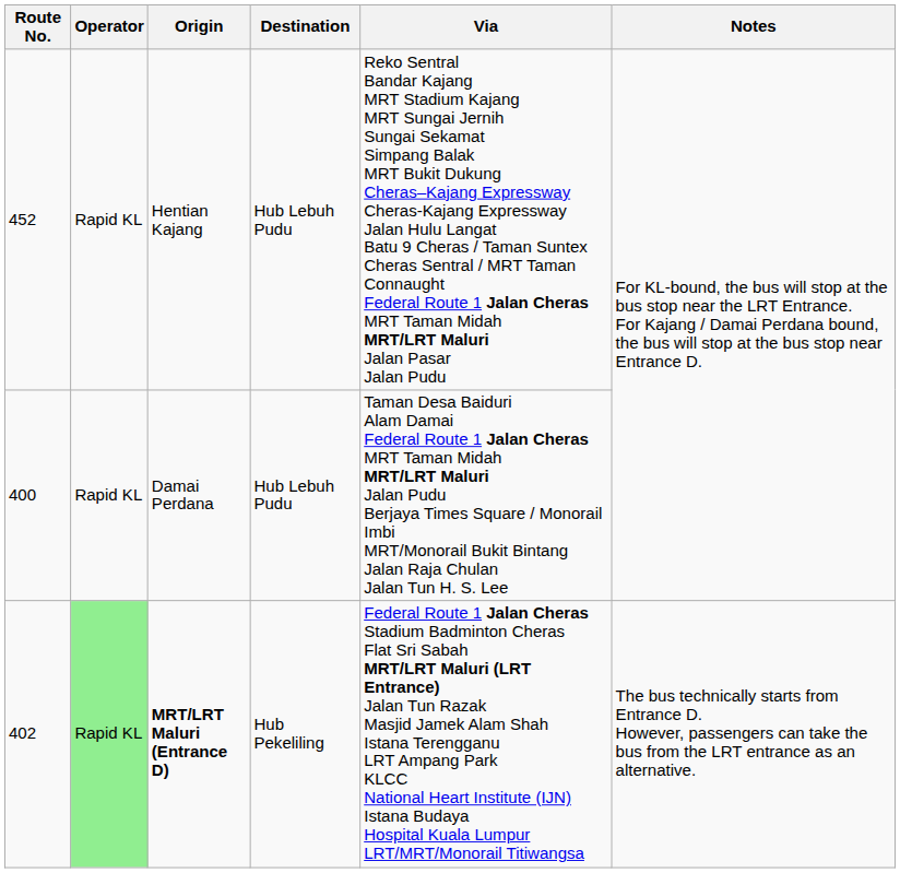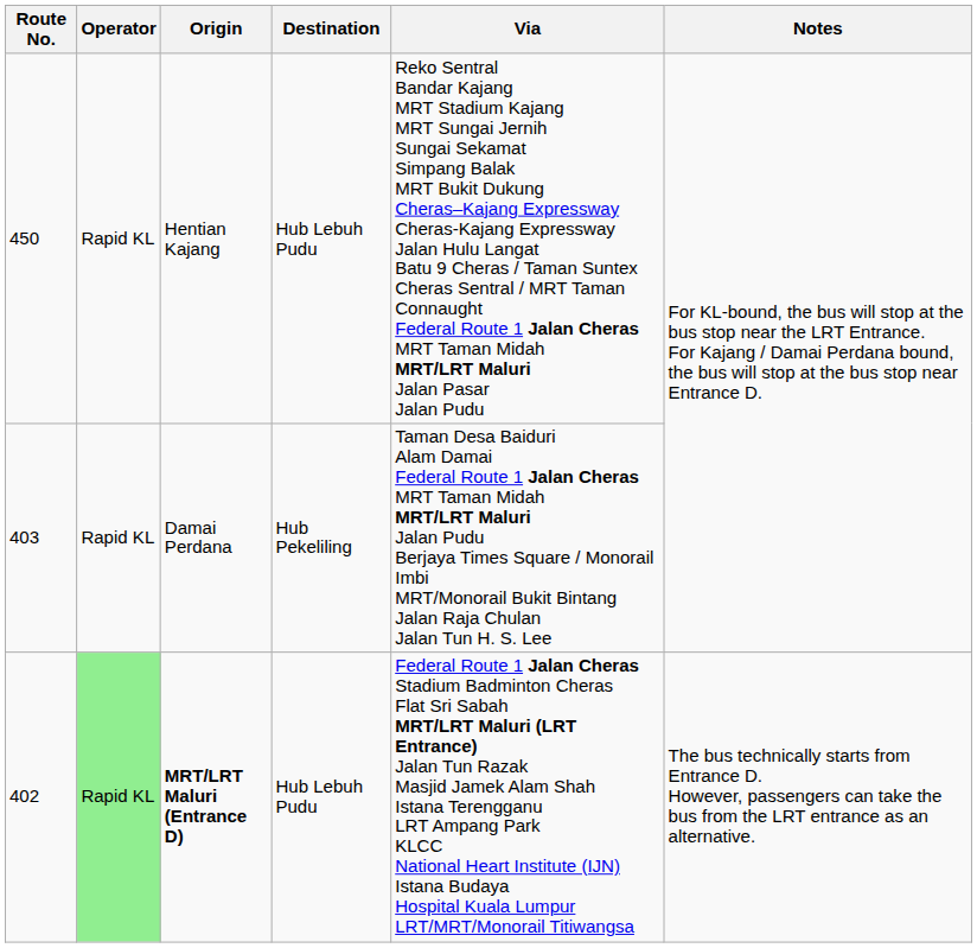 <table class="wikitable">
 <tr>
 <th>Route No.</th>
 <th>Operator</th>
 <th>Origin</th>
 <th>Destination</th>
 <th>Via</th>
 <th>Notes</th>
 </tr>
 <tr>
-<td>452</td>
+<td>450</td>
 <td>Rapid KL</td>
 <td>Hentian Kajang</td>
 <td>Hub Lebuh Pudu</td>
 <td>Reko Sentral<br>Bandar Kajang<br>  MRT Stadium Kajang<br>  MRT Sungai Jernih<br> Sungai Sekamat<br> Simpang Balak<br>  MRT Bukit Dukung<br> <a href='#'>Cheras–Kajang Expressway</a> Cheras-Kajang Expressway<br> Jalan Hulu Langat<br> Batu 9 Cheras / Taman Suntex<br> Cheras Sentral /  MRT Taman Connaught<br> <a href='#'>Federal Route 1</a> <strong>Jalan Cheras</strong><br>  MRT Taman Midah<br>  <strong>MRT/LRT Maluri</strong><br> Jalan Pasar<br> Jalan Pudu</td>
 <td rowspan="2">For KL-bound, the bus will stop at the bus stop near the LRT Entrance.<br>For Kajang / Damai Perdana bound, the bus will stop at the bus stop near <br> Entrance D.</td>
 </tr>
 <tr>
-<td>400</td>
+<td>403</td>
 <td>Rapid KL</td>
 <td>Damai Perdana</td>
-<td>Hub Lebuh Pudu</td>
+<td>Hub Pekeliling</td>
 <td>Taman Desa Baiduri<br>Alam Damai<br> <a href='#'>Federal Route 1</a> <strong>Jalan Cheras</strong><br>  MRT Taman Midah<br>  <strong>MRT/LRT Maluri</strong><br> Jalan Pudu<br> Berjaya Times Square /  Monorail Imbi<br>  MRT/Monorail Bukit Bintang<br> Jalan Raja Chulan<br> Jalan Tun H. S. Lee</td>
 </tr>
 <tr>
 <td>402</td>
 <td style="background: lightgreen;">Rapid KL</td>
 <td><br><strong>MRT/LRT Maluri</strong><br> <strong>(Entrance D)</strong></td>
-<td>Hub Pekeliling</td>
+<td>Hub Lebuh Pudu</td>
 <td><a href='#'>Federal Route 1</a> <strong>Jalan Cheras</strong><br>Stadium Badminton Cheras<br> Flat Sri Sabah<br>  <strong>MRT/LRT Maluri (LRT Entrance)</strong><br> Jalan Tun Razak<br> Masjid Jamek Alam Shah<br> Istana Terengganu<br>  LRT Ampang Park<br> KLCC<br> <a href='#'>National Heart Institute (IJN)</a><br> Istana Budaya<br> <a href='#'>Hospital Kuala Lumpur</a><br>  <a href='#'>LRT/MRT/Monorail Titiwangsa</a></td>
 <td>The bus technically starts from Entrance D.<br>However, passengers can take the bus from the LRT entrance as an alternative.</td>
 </tr>
 </table>
